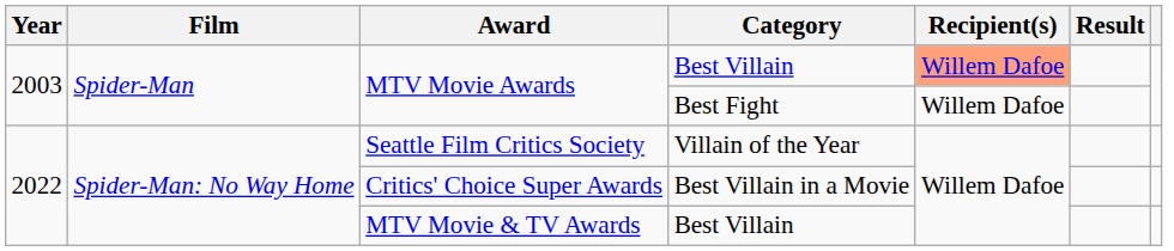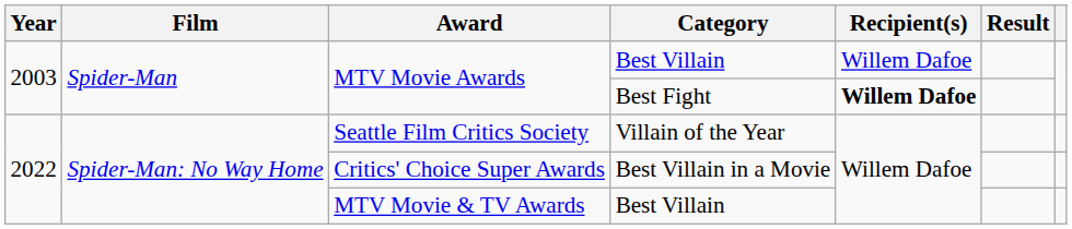 <table class="wikitable plainrowheaders sortable">
 <tr>
 <th scope="col">Year</th>
 <th scope="col">Film</th>
 <th scope="col">Award</th>
 <th scope="col">Category</th>
 <th scope="col">Recipient(s)</th>
 <th scope="col">Result</th>
 <th scope="col" class="unsortable"></th>
 </tr>
 <tr>
 <td rowspan="2">2003</td>
 <td rowspan="2"><em><a href='#'>Spider-Man</a></em></td>
 <td rowspan="2"><a href='#'>MTV Movie Awards</a></td>
 <td><a href='#'>Best Villain</a></td>
-<td style="background: lightsalmon;"><a href='#'>Willem Dafoe</a></td>
+<td><a href='#'>Willem Dafoe</a></td>
 <td></td>
 <td style="text-align:center;" rowspan="2"></td>
 </tr>
 <tr>
 <td>Best Fight</td>
-<td>Willem Dafoe</td>
+<td><strong>Willem Dafoe</strong></td>
 <td></td>
 </tr>
 <tr>
 <td rowspan="3">2022</td>
 <td rowspan="3"><em><a href='#'>Spider-Man: No Way Home</a></em></td>
 <td><a href='#'>Seattle Film Critics Society</a></td>
 <td>Villain of the Year</td>
 <td rowspan="3">Willem Dafoe</td>
 <td></td>
 <td></td>
 </tr>
 <tr>
 <td><a href='#'>Critics' Choice Super Awards</a></td>
 <td>Best Villain in a Movie</td>
 <td></td>
 <td></td>
 </tr>
 <tr>
 <td><a href='#'>MTV Movie & TV Awards</a></td>
 <td>Best Villain</td>
 <td></td>
 <td></td>
 </tr>
 </table>
